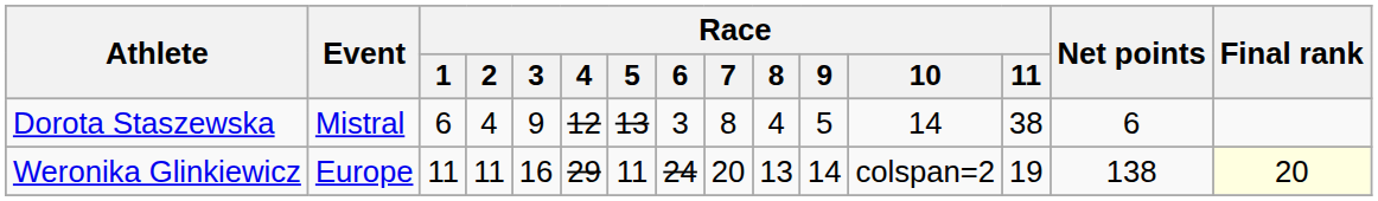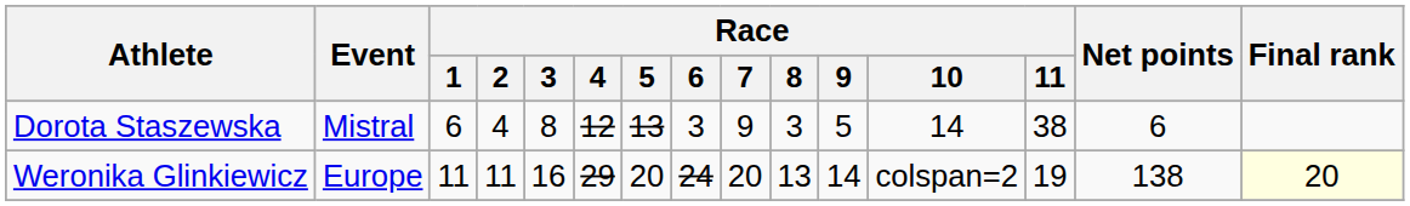 <table class="wikitable" style="font-size:90%">
 <tr>
 <th rowspan="2">Athlete</th>
 <th rowspan="2">Event</th>
 <th colspan=11>Race</th>
 <th rowspan=2>Net points</th>
 <th rowspan=2>Final rank</th>
 </tr>
 <tr style="font-size:95%">
 <th>1</th>
 <th>2</th>
 <th>3</th>
 <th>4</th>
 <th>5</th>
 <th>6</th>
 <th>7</th>
 <th>8</th>
 <th>9</th>
 <th>10</th>
 <th>11</th>
 </tr>
 <tr align=center>
 <td align=left><a href='#'>Dorota Staszewska</a></td>
 <td align=left><a href='#'>Mistral</a></td>
 <td>6</td>
 <td>4</td>
-<td>9</td>
+<td>8</td>
 <td><s>12</s></td>
 <td><s>13</s></td>
 <td>3</td>
-<td>8</td>
-<td>4</td>
+<td>9</td>
+<td>3</td>
 <td>5</td>
 <td>14</td>
 <td>38</td>
 <td>6</td>
 </tr>
 <tr align=center>
 <td align=left><a href='#'>Weronika Glinkiewicz</a></td>
 <td align=left><a href='#'>Europe</a></td>
 <td>11</td>
 <td>11</td>
 <td>16</td>
 <td><s>29</s></td>
-<td>11</td>
+<td>20</td>
 <td><s>24</s></td>
 <td>20</td>
 <td>13</td>
 <td>14</td>
 <td>colspan=2 </td>
 <td>19</td>
 <td>138</td>
 <td style="background: lightyellow;">20</td>
 </tr>
 </table>
